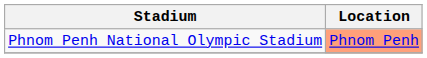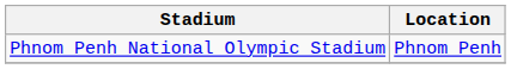 <table class="wikitable sortable">
 <tr>
 <th>Stadium</th>
 <th>Location</th>
 </tr>
 <tr>
 <td><a href='#'>Phnom Penh National Olympic Stadium</a></td>
-<td style="background: lightsalmon;"><a href='#'>Phnom Penh</a></td>
+<td><a href='#'>Phnom Penh</a></td>
 </tr>
 <tr>
 </tr>
 </table>
